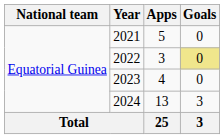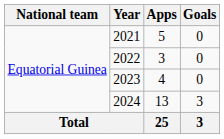 <table class="wikitable" style="text-align:center">
 <tr>
 <th>National team</th>
 <th>Year</th>
 <th>Apps</th>
 <th>Goals</th>
 </tr>
 <tr>
 <td rowspan=4><a href='#'>Equatorial Guinea</a></td>
 <td>2021</td>
 <td>5</td>
 <td>0</td>
 </tr>
 <tr>
 <td>2022</td>
 <td>3</td>
-<td style="background: khaki;">0</td>
+<td>0</td>
 </tr>
 <tr>
 <td>2023</td>
 <td>4</td>
 <td>0</td>
 </tr>
 <tr>
 <td>2024</td>
 <td>13</td>
 <td>3</td>
 </tr>
 <tr>
 <th colspan=2>Total</th>
 <th>25</th>
 <th>3</th>
 </tr>
 </table>
